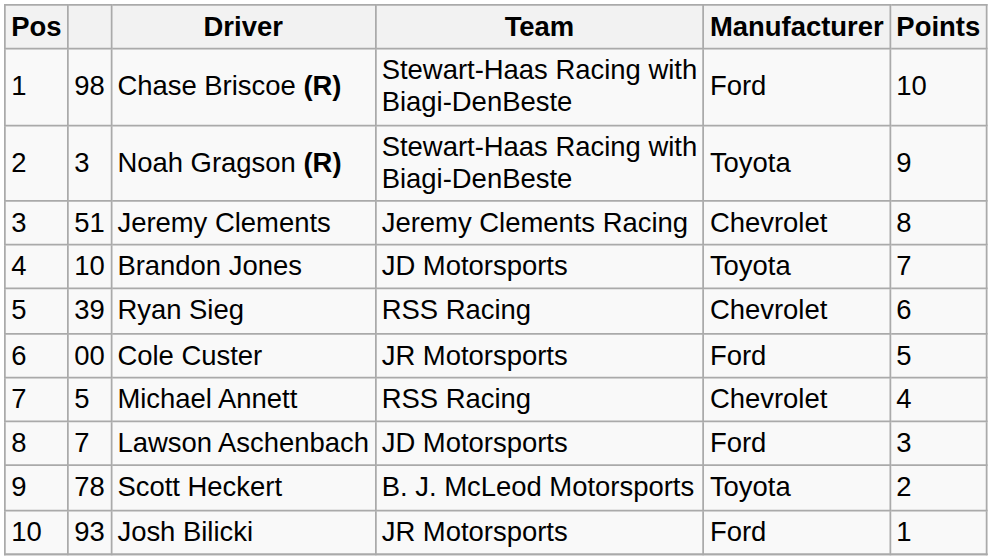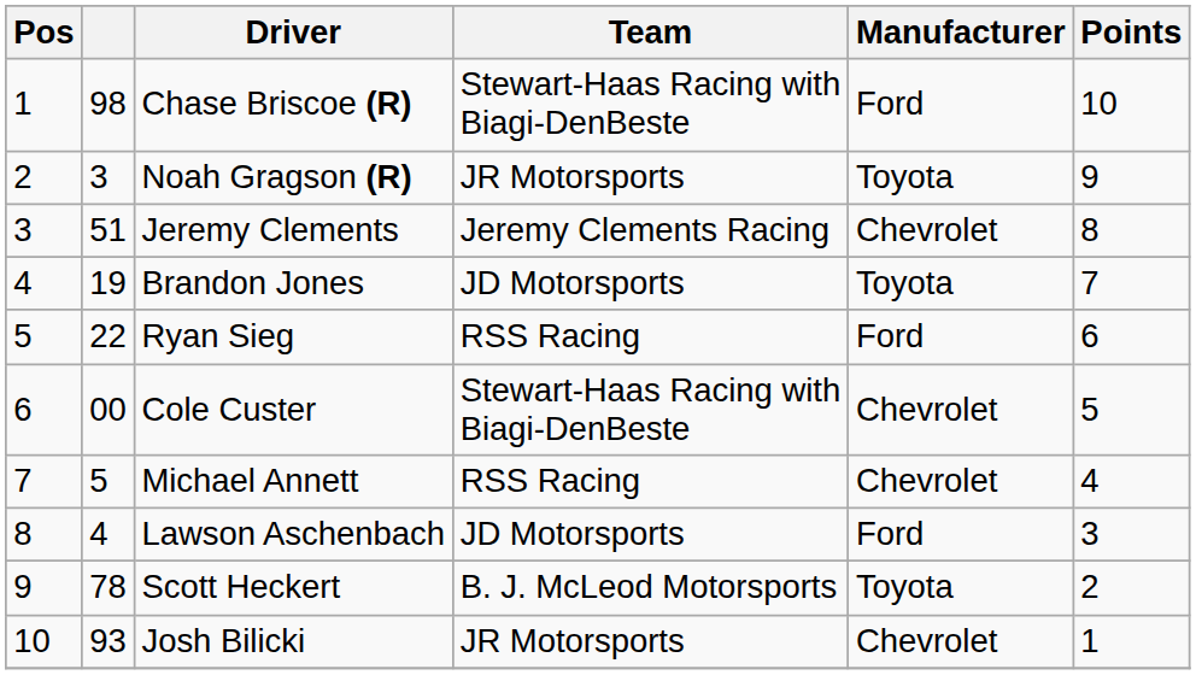 <table class="wikitable" style="font-size:98%">
 <tr>
 <th>Pos</th>
 <th></th>
 <th>Driver</th>
 <th>Team</th>
 <th>Manufacturer</th>
 <th>Points</th>
 </tr>
 <tr>
 <td>1</td>
 <td>98</td>
 <td>Chase Briscoe <strong>(R)</strong></td>
 <td>Stewart-Haas Racing with<br>Biagi-DenBeste</td>
 <td>Ford</td>
 <td>10</td>
 </tr>
 <tr>
 <td>2</td>
 <td>3</td>
 <td>Noah Gragson <strong>(R)</strong></td>
-<td>Stewart-Haas Racing with<br>Biagi-DenBeste</td>
+<td>JR Motorsports</td>
 <td>Toyota</td>
 <td>9</td>
 </tr>
 <tr>
 <td>3</td>
 <td>51</td>
 <td>Jeremy Clements</td>
 <td>Jeremy Clements Racing</td>
 <td>Chevrolet</td>
 <td>8</td>
 </tr>
 <tr>
 <td>4</td>
-<td>10</td>
+<td>19</td>
 <td>Brandon Jones</td>
 <td>JD Motorsports</td>
 <td>Toyota</td>
 <td>7</td>
 </tr>
 <tr>
 <td>5</td>
-<td>39</td>
+<td>22</td>
 <td>Ryan Sieg</td>
 <td>RSS Racing</td>
-<td>Chevrolet</td>
+<td>Ford</td>
 <td>6</td>
 </tr>
 <tr>
 <td>6</td>
 <td>00</td>
 <td>Cole Custer</td>
-<td>JR Motorsports</td>
-<td>Ford</td>
+<td>Stewart-Haas Racing with<br>Biagi-DenBeste</td>
+<td>Chevrolet</td>
 <td>5</td>
 </tr>
 <tr>
 <td>7</td>
 <td>5</td>
 <td>Michael Annett</td>
 <td>RSS Racing</td>
 <td>Chevrolet</td>
 <td>4</td>
 </tr>
 <tr>
 <td>8</td>
-<td>7</td>
+<td>4</td>
 <td>Lawson Aschenbach</td>
 <td>JD Motorsports</td>
 <td>Ford</td>
 <td>3</td>
 </tr>
 <tr>
 <td>9</td>
 <td>78</td>
 <td>Scott Heckert</td>
 <td>B. J. McLeod Motorsports</td>
 <td>Toyota</td>
 <td>2</td>
 </tr>
 <tr>
 <td>10</td>
 <td>93</td>
 <td>Josh Bilicki</td>
 <td>JR Motorsports</td>
-<td>Ford</td>
+<td>Chevrolet</td>
 <td>1</td>
 </tr>
 <tr>
 </tr>
 </table>
